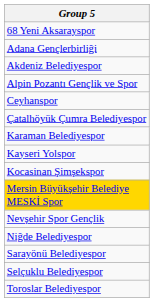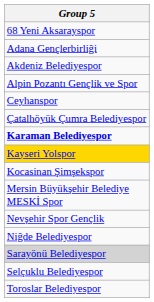 <table class="wikitable collapsible collapsed" style="font-size:95%;">
 <tr>
 <th colspan="1" width="200"><em>Group 5</em></th>
 </tr>
 <tr>
 <td><a href='#'>68 Yeni Aksarayspor</a></td>
 </tr>
 <tr>
 <td><a href='#'>Adana Gençlerbirliği</a></td>
 </tr>
 <tr>
 <td><a href='#'>Akdeniz Belediyespor</a></td>
 </tr>
 <tr>
 <td><a href='#'>Alpin Pozantı Gençlik ve Spor</a></td>
 </tr>
 <tr>
 <td><a href='#'>Ceyhanspor</a></td>
 </tr>
 <tr>
 <td><a href='#'>Çatalhöyük Çumra Belediyespor</a></td>
 </tr>
 <tr>
-<td><a href='#'>Karaman Belediyespor</a></td>
+<td><strong><a href='#'>Karaman Belediyespor</a></strong></td>
 </tr>
 <tr>
-<td><a href='#'>Kayseri Yolspor</a></td>
+<td style="background: gold;"><a href='#'>Kayseri Yolspor</a></td>
 </tr>
 <tr>
 <td><a href='#'>Kocasinan Şimşekspor</a></td>
 </tr>
 <tr>
-<td style="background: gold;"><a href='#'>Mersin Büyükşehir Belediye MESKİ Spor</a></td>
+<td><a href='#'>Mersin Büyükşehir Belediye MESKİ Spor</a></td>
 </tr>
 <tr>
 <td><a href='#'>Nevşehir Spor Gençlik</a></td>
 </tr>
 <tr>
 <td><a href='#'>Niğde Belediyespor</a></td>
 </tr>
 <tr>
-<td><a href='#'>Sarayönü Belediyespor</a></td>
+<td style="background: lightgrey;"><a href='#'>Sarayönü Belediyespor</a></td>
 </tr>
 <tr>
 <td><a href='#'>Selçuklu Belediyespor</a></td>
 </tr>
 <tr>
 <td><a href='#'>Toroslar Belediyespor</a></td>
 </tr>
 </table>
